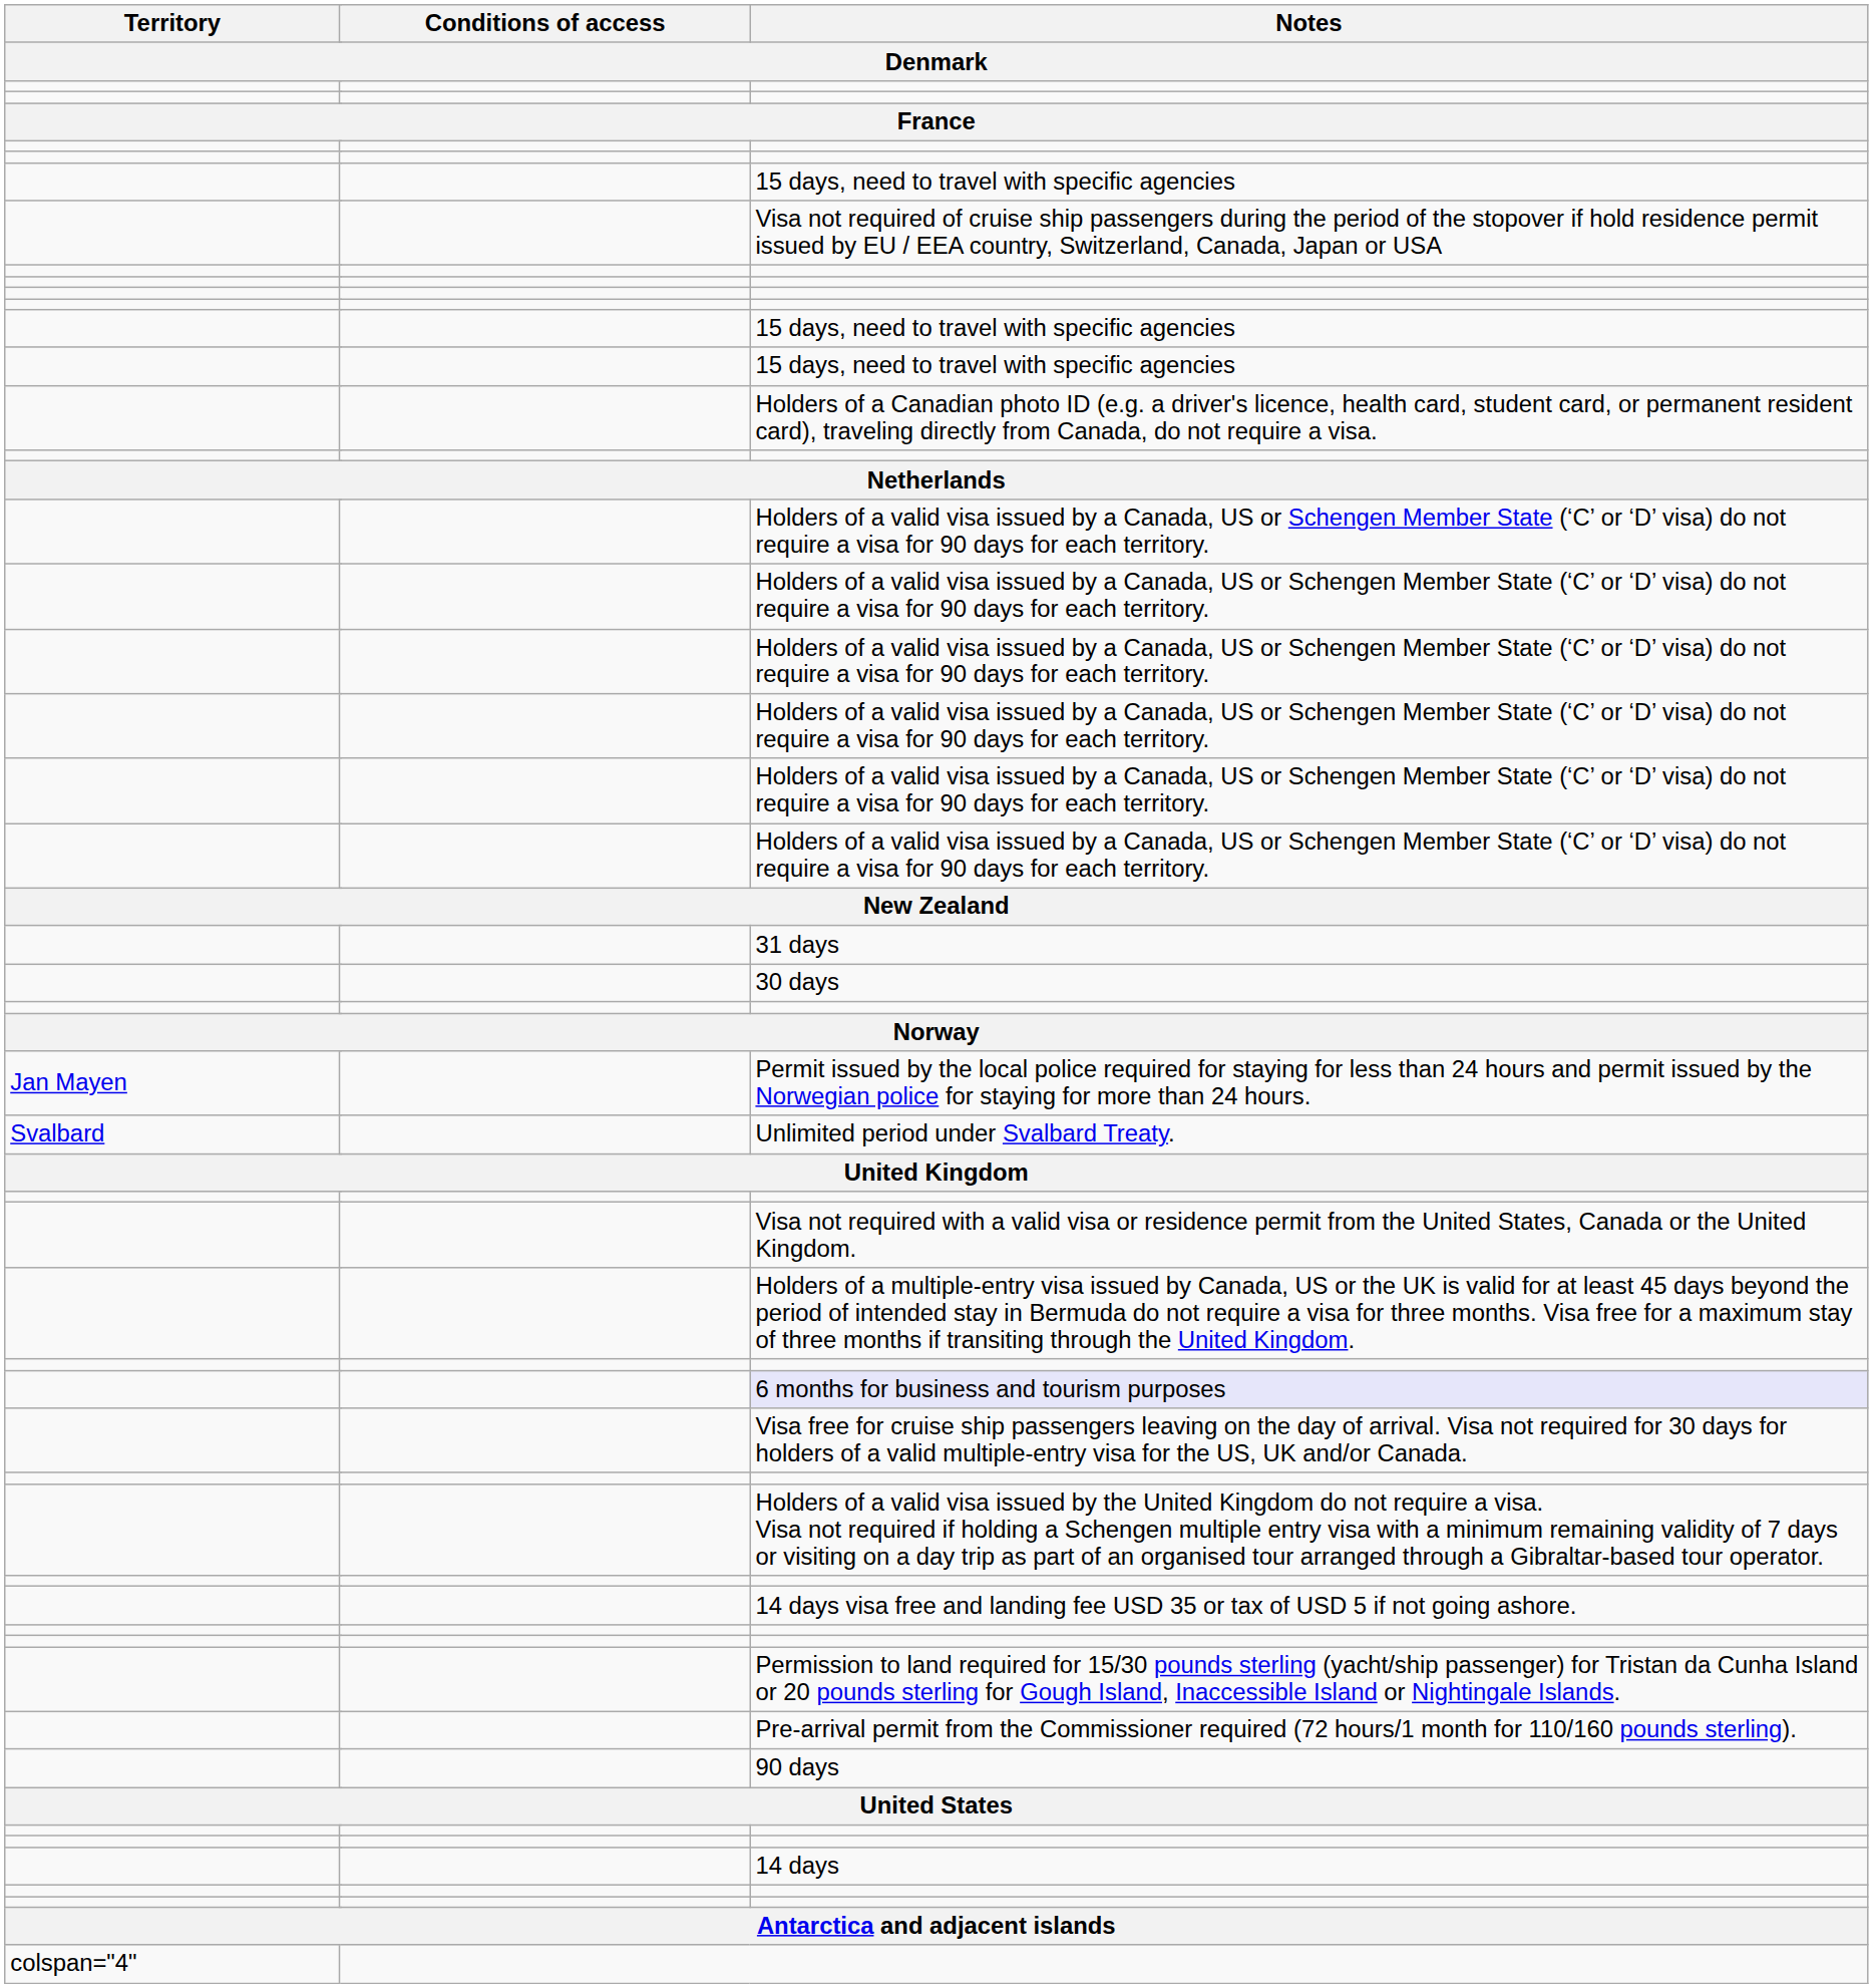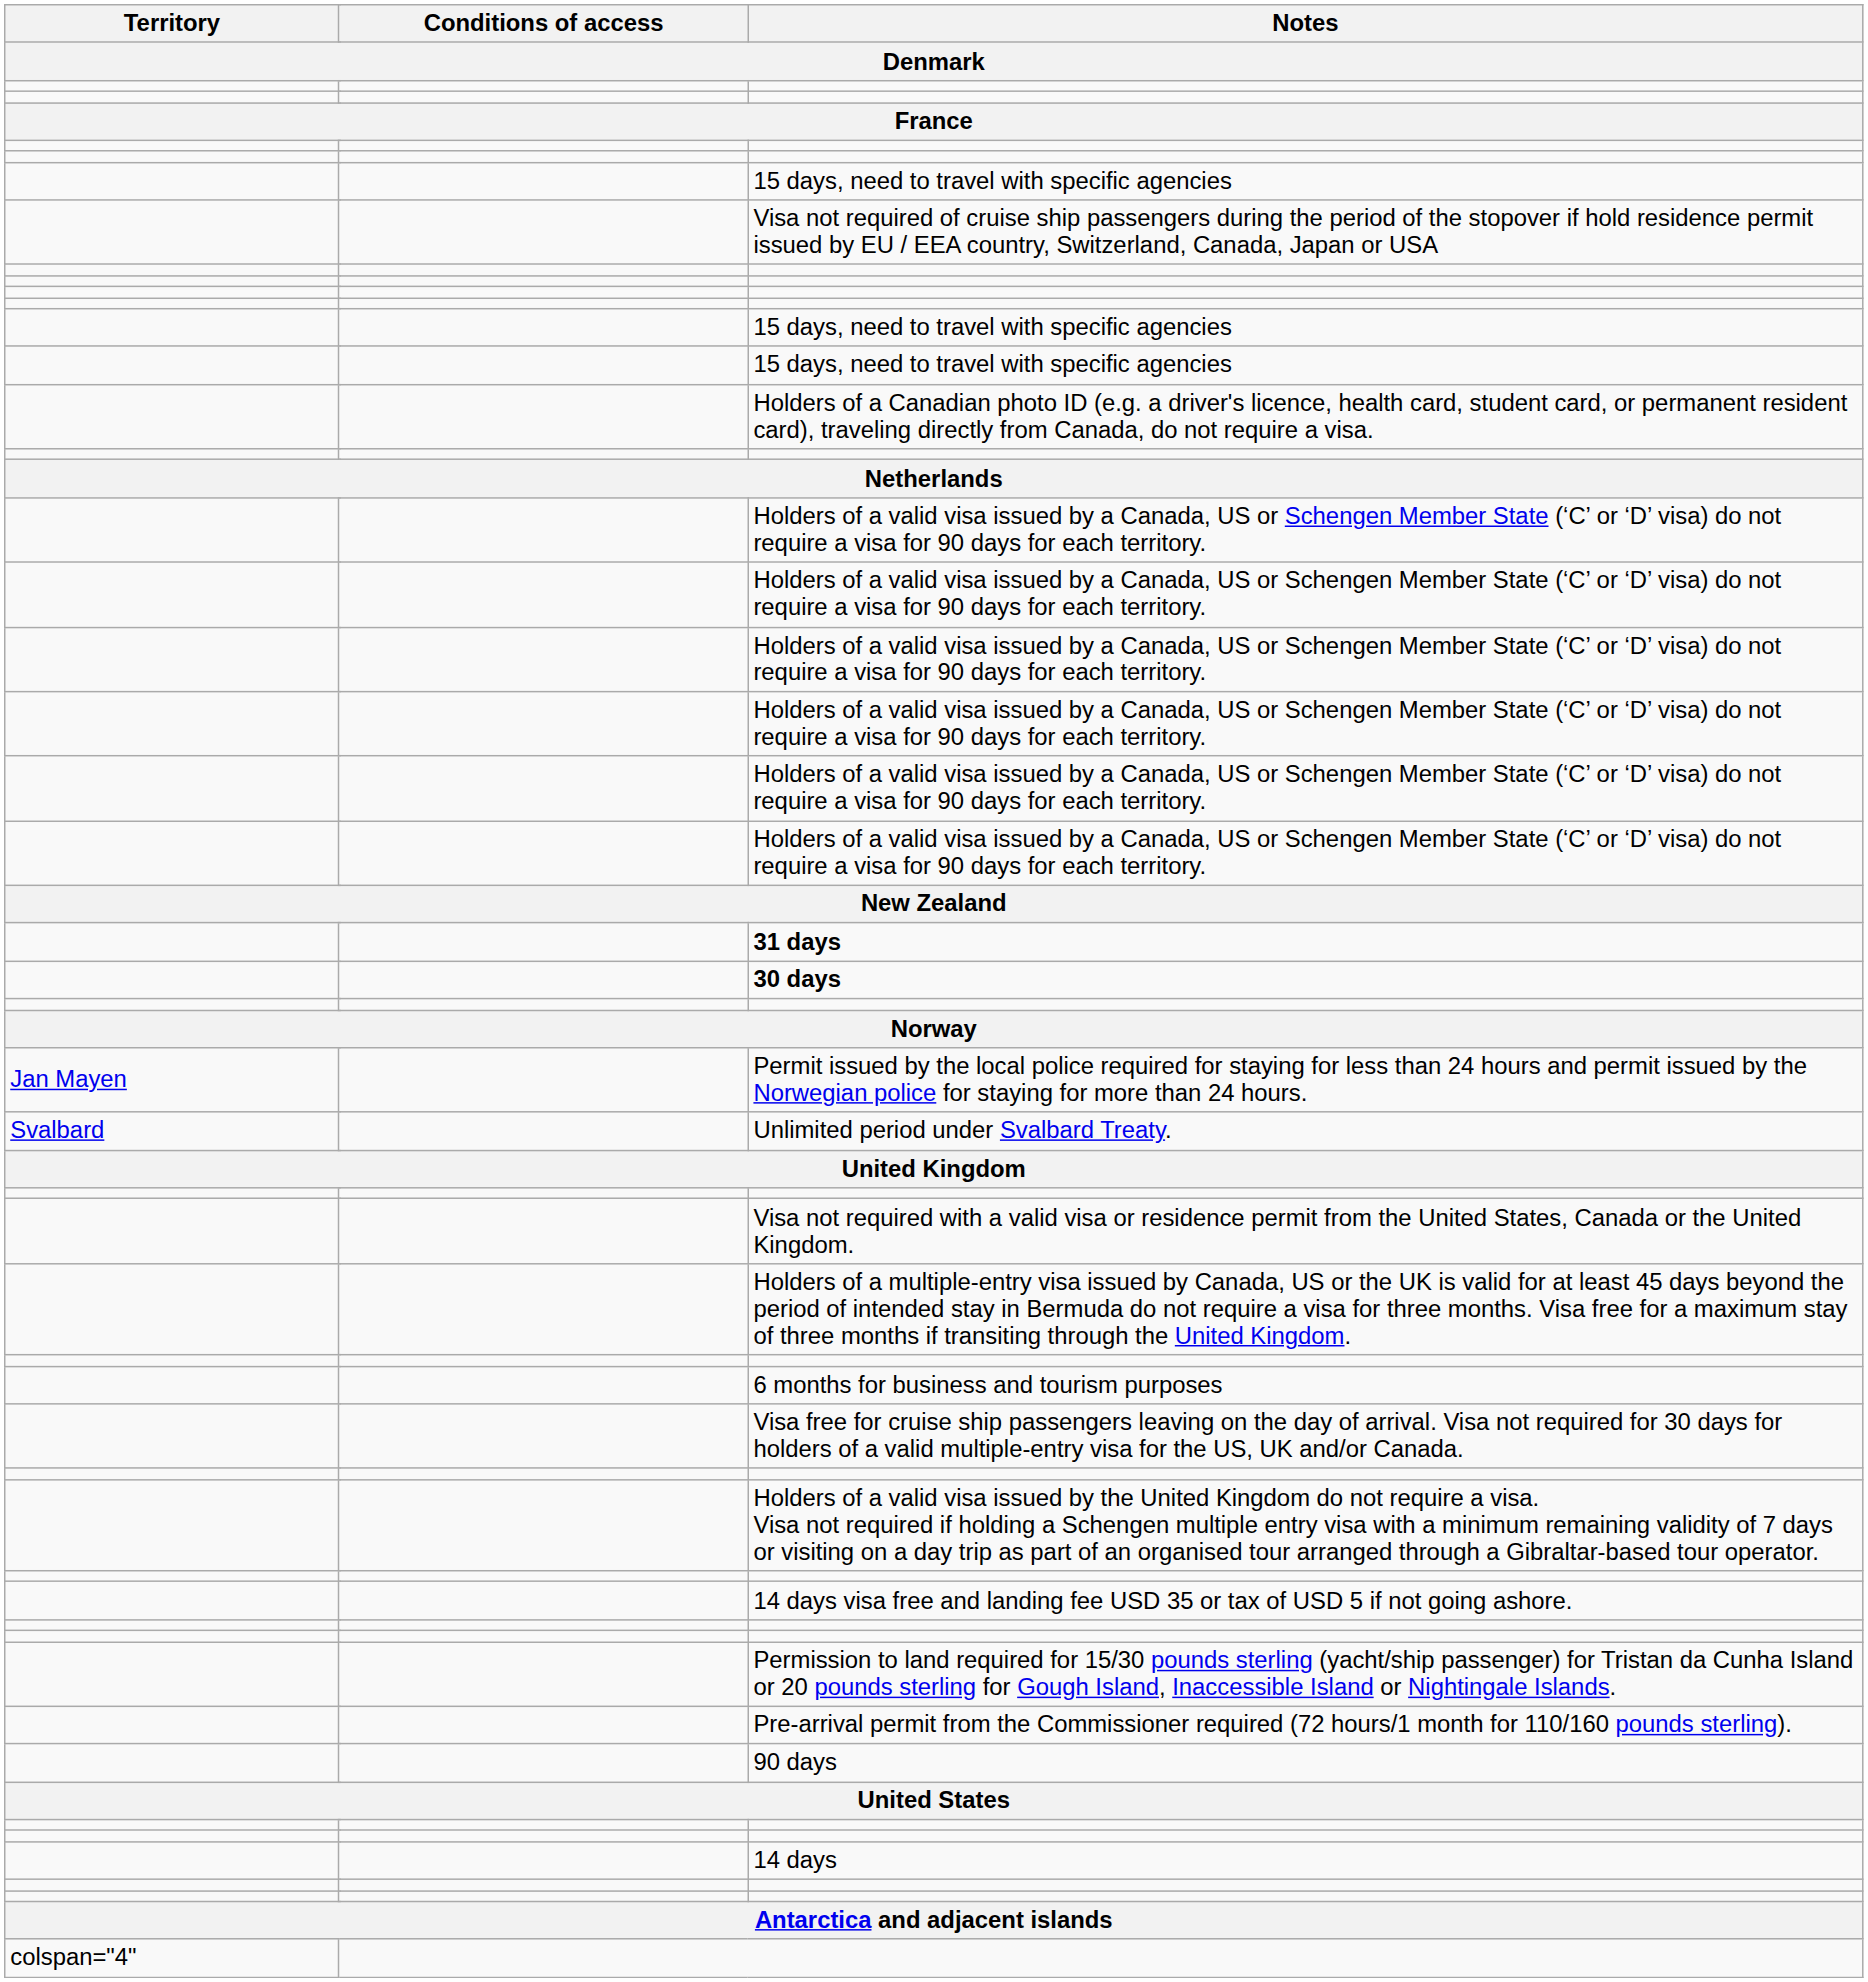 <table class="wikitable" style="text-align: left; table-layout: fixed;">
 <tr>
 <th colspan="2" style="width:18%;">Territory</th>
 <th style="width:22%;">Conditions of access</th>
 <th>Notes</th>
 </tr>
 <tr>
 <th colspan="4">Denmark</th>
 </tr>
 <tr>
 <td colspan=2></td>
 <td></td>
 <td></td>
 </tr>
 <tr>
 <td colspan=2></td>
 <td></td>
 <td></td>
 </tr>
 <tr>
 <th colspan="4">France</th>
 </tr>
 <tr>
 <td colspan=2></td>
 <td></td>
 <td></td>
 </tr>
 <tr>
 <td colspan=2></td>
 <td></td>
 <td></td>
 </tr>
 <tr>
 <td colspan=2></td>
 <td></td>
 <td>15 days, need to travel with specific agencies</td>
 </tr>
 <tr>
 <td colspan=2></td>
 <td></td>
 <td>Visa not required of cruise ship passengers during the period of the stopover if hold residence permit issued by EU / EEA country, Switzerland, Canada, Japan or USA</td>
 </tr>
 <tr>
 <td colspan=2></td>
 <td></td>
 <td></td>
 </tr>
 <tr>
 <td colspan=2></td>
 <td></td>
 <td></td>
 </tr>
 <tr>
 <td colspan=2></td>
 <td></td>
 <td></td>
 </tr>
 <tr>
 <td colspan=2></td>
 <td></td>
 <td></td>
 </tr>
 <tr>
 <td colspan=2></td>
 <td></td>
 <td>15 days, need to travel with specific agencies</td>
 </tr>
 <tr>
 <td colspan=2></td>
 <td></td>
 <td>15 days, need to travel with specific agencies</td>
 </tr>
 <tr>
 <td colspan=2></td>
 <td></td>
 <td>Holders of a Canadian photo ID (e.g. a driver's licence, health card, student card, or permanent resident card), traveling directly from Canada, do not require a visa.</td>
 </tr>
 <tr>
 <td colspan=2></td>
 <td></td>
 <td></td>
 </tr>
 <tr>
 <th colspan="4">Netherlands</th>
 </tr>
 <tr>
 <td colspan=2></td>
 <td></td>
 <td>Holders of a valid visa issued by a Canada, US or <a href='#'>Schengen Member State</a> (‘C’ or ‘D’ visa) do not require a visa for 90 days for each territory.</td>
 </tr>
 <tr>
 <td colspan=2></td>
 <td></td>
 <td>Holders of a valid visa issued by a Canada, US or Schengen Member State (‘C’ or ‘D’ visa) do not require a visa for 90 days for each territory.</td>
 </tr>
 <tr>
 <td colspan=2></td>
 <td></td>
 <td>Holders of a valid visa issued by a Canada, US or Schengen Member State (‘C’ or ‘D’ visa) do not require a visa for 90 days for each territory.</td>
 </tr>
 <tr>
 <td colspan=2></td>
 <td></td>
 <td>Holders of a valid visa issued by a Canada, US or Schengen Member State (‘C’ or ‘D’ visa) do not require a visa for 90 days for each territory.</td>
 </tr>
 <tr>
 <td colspan=2></td>
 <td></td>
 <td>Holders of a valid visa issued by a Canada, US or Schengen Member State (‘C’ or ‘D’ visa) do not require a visa for 90 days for each territory.</td>
 </tr>
 <tr>
 <td colspan=2></td>
 <td></td>
 <td>Holders of a valid visa issued by a Canada, US or Schengen Member State (‘C’ or ‘D’ visa) do not require a visa for 90 days for each territory.</td>
 </tr>
 <tr>
 <th colspan="4">New Zealand</th>
 </tr>
 <tr>
 <td colspan=2></td>
 <td></td>
-<td>31 days</td>
+<td><strong>31 days</strong></td>
 </tr>
 <tr>
 <td colspan=2></td>
 <td></td>
-<td>30 days</td>
+<td><strong>30 days</strong></td>
 </tr>
 <tr>
 <td colspan=2></td>
 <td></td>
 <td></td>
 </tr>
 <tr>
 <th colspan="4">Norway</th>
 </tr>
 <tr>
 <td colspan=2> <a href='#'>Jan Mayen</a></td>
 <td></td>
 <td>Permit issued by the local police required for staying for less than 24 hours and permit issued by the <a href='#'>Norwegian police</a> for staying for more than 24 hours.</td>
 </tr>
 <tr>
 <td colspan=2> <a href='#'>Svalbard</a></td>
 <td></td>
 <td>Unlimited period under <a href='#'>Svalbard Treaty</a>.</td>
 </tr>
 <tr>
 <th colspan="4">United Kingdom</th>
 </tr>
 <tr>
 <td colspan=2></td>
 <td></td>
 <td></td>
 </tr>
 <tr>
 <td colspan=2></td>
 <td></td>
 <td>Visa not required with a valid visa or residence permit from the United States, Canada or the United Kingdom.</td>
 </tr>
 <tr>
 <td colspan=2></td>
 <td></td>
 <td>Holders of a multiple-entry visa issued by Canada, US or the UK is valid for at least 45 days beyond the period of intended stay in Bermuda do not require a visa for three months. Visa free for a maximum stay of three months if transiting through the <a href='#'>United Kingdom</a>.</td>
 </tr>
 <tr>
 <td colspan=2></td>
 <td></td>
 <td></td>
 </tr>
 <tr>
 <td colspan=2></td>
 <td></td>
-<td style="background: lavender;">6 months for business and tourism purposes</td>
+<td>6 months for business and tourism purposes</td>
 </tr>
 <tr>
 <td colspan=2></td>
 <td></td>
 <td>Visa free for cruise ship passengers leaving on the day of arrival. Visa not required for 30 days for holders of a valid multiple-entry visa for the US, UK and/or Canada.</td>
 </tr>
 <tr>
 <td colspan=2></td>
 <td></td>
 <td></td>
 </tr>
 <tr>
 <td colspan=2></td>
 <td></td>
 <td>Holders of a valid visa issued by the United Kingdom do not require a visa. <br> Visa not required if holding a Schengen multiple entry visa with a minimum remaining validity of 7 days or visiting on a day trip as part of an organised tour arranged through a Gibraltar-based tour operator.</td>
 </tr>
 <tr>
 <td colspan=2></td>
 <td></td>
 <td></td>
 </tr>
 <tr>
 <td colspan=2></td>
 <td></td>
 <td>14 days visa free and landing fee USD 35 or tax of USD 5 if not going ashore.</td>
 </tr>
 <tr>
 <td colspan=2></td>
 <td></td>
 <td></td>
 </tr>
 <tr>
 <td colspan=2></td>
 <td></td>
 <td></td>
 </tr>
 <tr>
 <td colspan=2></td>
 <td></td>
 <td>Permission to land required for 15/30 <a href='#'>pounds sterling</a> (yacht/ship passenger) for Tristan da Cunha Island or 20 <a href='#'>pounds sterling</a> for <a href='#'>Gough Island</a>, <a href='#'>Inaccessible Island</a> or <a href='#'>Nightingale Islands</a>.</td>
 </tr>
 <tr>
 <td colspan=2></td>
 <td></td>
 <td>Pre-arrival permit from the Commissioner required (72 hours/1 month for 110/160 <a href='#'>pounds sterling</a>).</td>
 </tr>
 <tr>
 <td colspan=2></td>
 <td></td>
 <td>90 days</td>
 </tr>
 <tr>
 <th colspan="4">United States</th>
 </tr>
 <tr>
 <td colspan=2></td>
 <td></td>
 <td></td>
 </tr>
 <tr>
 <td colspan=2></td>
 <td></td>
 <td></td>
 </tr>
 <tr>
 <td colspan=2></td>
 <td></td>
 <td>14 days</td>
 </tr>
 <tr>
 <td colspan=2></td>
 <td></td>
 <td></td>
 </tr>
 <tr>
 <td colspan=2></td>
 <td></td>
 <td></td>
 </tr>
 <tr>
 <th colspan="4"><a href='#'>Antarctica</a> and adjacent islands</th>
 </tr>
 <tr>
 <td>colspan="4" </td>
 </tr>
 </table>
